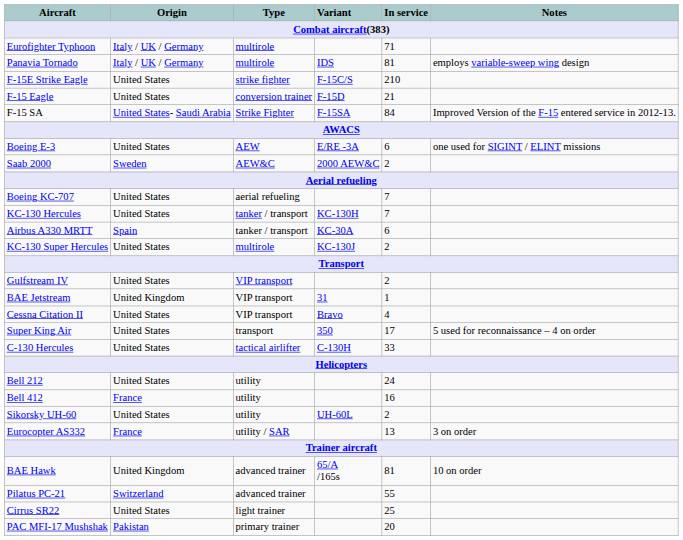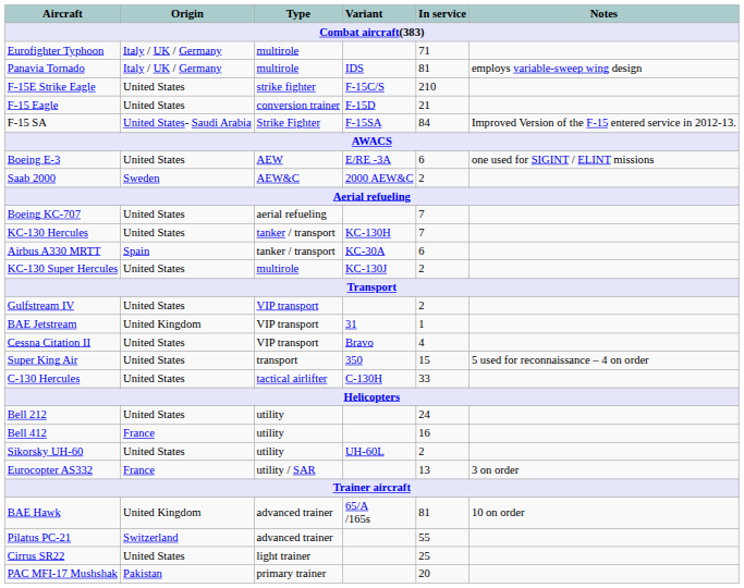 <table class="wikitable">
 <tr>
 <th style="text-align:center; background:#acc;">Aircraft</th>
 <th style="text-align: center; background:#acc;">Origin</th>
 <th style="text-align:l center; background:#acc;">Type</th>
 <th style="text-align:left; background:#acc;">Variant</th>
 <th style="text-align:center; background:#acc;">In service</th>
 <th style="text-align: center; background:#acc;">Notes</th>
 </tr>
 <tr>
 <th style="align: center; background: lavender;" colspan="7"><a href='#'>Combat aircraft</a>(383)</th>
 </tr>
 <tr>
 <td><a href='#'>Eurofighter Typhoon</a></td>
 <td><a href='#'>Italy</a> / <a href='#'>UK</a> / <a href='#'>Germany</a></td>
 <td><a href='#'>multirole</a></td>
 <td></td>
 <td>71</td>
 <td></td>
 </tr>
 <tr>
 <td><a href='#'>Panavia Tornado</a></td>
 <td><a href='#'>Italy</a> / <a href='#'>UK</a> / <a href='#'>Germany</a></td>
 <td><a href='#'>multirole</a></td>
 <td><a href='#'>IDS</a></td>
 <td>81</td>
 <td>employs <a href='#'>variable-sweep wing</a> design</td>
 </tr>
 <tr>
 <td><a href='#'>F-15E Strike Eagle</a></td>
 <td>United States</td>
 <td><a href='#'>strike fighter</a></td>
 <td><a href='#'>F-15C/S</a></td>
 <td>210</td>
 <td></td>
 </tr>
 <tr>
 <td><a href='#'>F-15 Eagle</a></td>
 <td>United States</td>
 <td><a href='#'>conversion trainer</a></td>
 <td><a href='#'>F-15D</a></td>
 <td>21</td>
 <td></td>
 </tr>
 <tr>
 <td>F-15 SA</td>
 <td><a href='#'>United States</a>- <a href='#'>Saudi Arabia</a></td>
 <td><a href='#'>Strike Fighter</a></td>
 <td><a href='#'>F-15SA</a></td>
 <td>84</td>
 <td>Improved Version of the <a href='#'>F-15</a>  entered service in 2012-13.</td>
 </tr>
 <tr>
 <th style="align: center; background: lavender;" colspan="7"><a href='#'>AWACS</a></th>
 </tr>
 <tr>
 <td><a href='#'>Boeing E-3</a></td>
 <td>United States</td>
 <td><a href='#'>AEW</a></td>
 <td><a href='#'>E/RE -3A</a></td>
 <td>6</td>
 <td>one used for <a href='#'>SIGINT</a> / <a href='#'>ELINT</a> missions</td>
 </tr>
 <tr>
 <td><a href='#'>Saab 2000</a></td>
 <td><a href='#'>Sweden</a></td>
 <td><a href='#'>AEW&C</a></td>
 <td><a href='#'>2000 AEW&C</a></td>
 <td>2</td>
 <td></td>
 </tr>
 <tr>
 <th style="align: center; background: lavender;" colspan="7"><a href='#'>Aerial refueling</a></th>
 </tr>
 <tr>
 <td><a href='#'>Boeing KC-707</a></td>
 <td>United States</td>
 <td>aerial refueling</td>
 <td></td>
 <td>7</td>
 <td></td>
 </tr>
 <tr>
 <td><a href='#'>KC-130 Hercules</a></td>
 <td>United States</td>
 <td><a href='#'>tanker</a> / transport</td>
 <td><a href='#'>KC-130H</a></td>
 <td>7</td>
 <td></td>
 </tr>
 <tr>
 <td><a href='#'>Airbus A330 MRTT</a></td>
 <td><a href='#'>Spain</a></td>
 <td>tanker / transport</td>
 <td><a href='#'>KC-30A</a></td>
 <td>6</td>
 <td></td>
 </tr>
 <tr>
 <td><a href='#'>KC-130 Super Hercules</a></td>
 <td>United States</td>
 <td><a href='#'>multirole</a></td>
 <td><a href='#'>KC-130J</a></td>
 <td>2</td>
 <td></td>
 </tr>
 <tr>
 <th style="align: center; background: lavender;" colspan="7"><a href='#'>Transport</a></th>
 </tr>
 <tr>
 <td><a href='#'>Gulfstream IV</a></td>
 <td>United States</td>
 <td><a href='#'>VIP transport</a></td>
 <td></td>
 <td>2</td>
 <td></td>
 </tr>
 <tr>
 <td><a href='#'>BAE Jetstream</a></td>
 <td>United Kingdom</td>
 <td>VIP transport</td>
 <td><a href='#'>31</a></td>
 <td>1</td>
 <td></td>
 </tr>
 <tr>
 <td><a href='#'>Cessna Citation II</a></td>
 <td>United States</td>
 <td>VIP transport</td>
 <td><a href='#'>Bravo</a></td>
 <td>4</td>
 <td></td>
 </tr>
 <tr>
 <td><a href='#'>Super King Air</a></td>
 <td>United States</td>
 <td>transport</td>
 <td><a href='#'>350</a></td>
-<td>17</td>
+<td>15</td>
 <td>5 used for reconnaissance – 4 on order</td>
 </tr>
 <tr>
 <td><a href='#'>C-130 Hercules</a></td>
 <td>United States</td>
 <td><a href='#'>tactical airlifter</a></td>
 <td><a href='#'>C-130H</a></td>
 <td>33</td>
 <td></td>
 </tr>
 <tr>
 <th style="align: center; background: lavender;" colspan="7"><a href='#'>Helicopters</a></th>
 </tr>
 <tr>
 <td><a href='#'>Bell 212</a></td>
 <td>United States</td>
 <td>utility</td>
 <td></td>
 <td>24</td>
 <td></td>
 </tr>
 <tr>
 <td><a href='#'>Bell 412</a></td>
 <td><a href='#'>France</a></td>
 <td>utility</td>
 <td></td>
 <td>16</td>
 <td></td>
 </tr>
 <tr>
 <td><a href='#'>Sikorsky UH-60</a></td>
 <td>United States</td>
 <td>utility</td>
 <td><a href='#'>UH-60L</a></td>
 <td>2</td>
 <td></td>
 </tr>
 <tr>
 <td><a href='#'>Eurocopter AS332</a></td>
 <td><a href='#'>France</a></td>
 <td>utility / <a href='#'>SAR</a></td>
 <td></td>
 <td>13</td>
 <td>3 on order</td>
 </tr>
 <tr>
 <th style="align: center; background: lavender;" colspan="7"><a href='#'>Trainer aircraft</a></th>
 </tr>
 <tr>
 <td><a href='#'>BAE Hawk</a></td>
 <td>United Kingdom</td>
 <td>advanced trainer</td>
 <td><a href='#'>65/A</a><br>/165s</td>
 <td>81</td>
 <td>10 on order</td>
 </tr>
 <tr>
 <td><a href='#'>Pilatus PC-21</a></td>
 <td><a href='#'>Switzerland</a></td>
 <td>advanced trainer</td>
 <td></td>
 <td>55</td>
 <td></td>
 </tr>
 <tr>
 <td><a href='#'>Cirrus SR22</a></td>
 <td>United States</td>
 <td>light trainer</td>
 <td></td>
 <td>25</td>
 <td></td>
 </tr>
 <tr>
 <td><a href='#'>PAC MFI-17 Mushshak</a></td>
 <td><a href='#'>Pakistan</a></td>
 <td>primary trainer</td>
 <td></td>
 <td>20</td>
 <td></td>
 </tr>
 </table>
